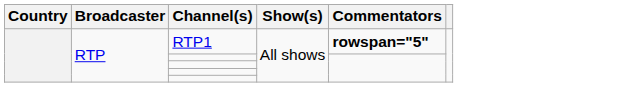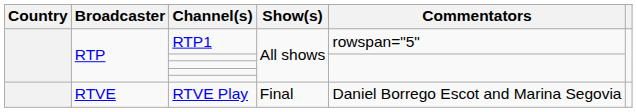 <table class="wikitable plainrowheaders">
 <tr>
 <th>Country</th>
 <th>Broadcaster</th>
 <th>Channel(s)</th>
 <th>Show(s)</th>
 <th>Commentators</th>
 <th></th>
 </tr>
 <tr>
 <th scope="row" rowspan="5"></th>
 <td rowspan="5"><a href='#'>RTP</a></td>
 <td><a href='#'>RTP1</a></td>
 <td rowspan="5">All shows</td>
-<td><strong>rowspan="5" </strong></td>
+<td>rowspan="5" </td>
 <td rowspan="5"></td>
 </tr>
 <tr>
 <td></td>
 </tr>
 <tr>
 <td></td>
 </tr>
 <tr>
 <td></td>
 </tr>
 <tr>
 <td></td>
 </tr>
+<tr>
+<th scope="row"></th>
+<td><a href='#'>RTVE</a></td>
+<td><a href='#'>RTVE Play</a></td>
+<td>Final</td>
+<td>Daniel Borrego Escot and Marina Segovia</td>
+<td></td>
+</tr>
 </table>
